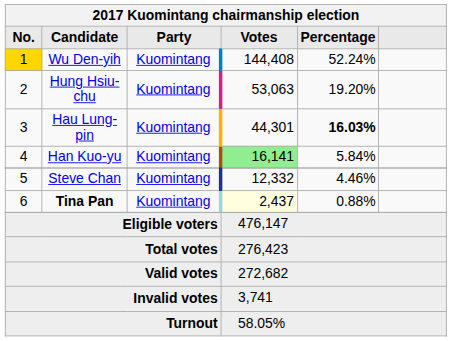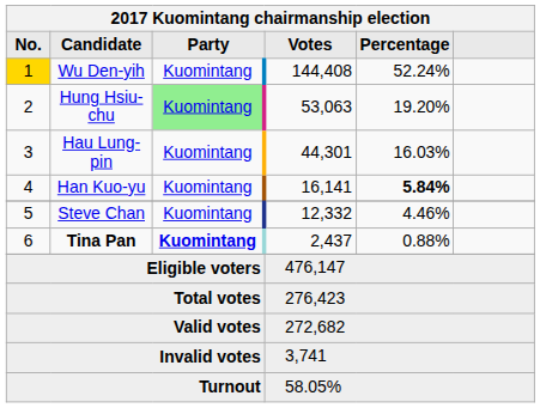 <table class="wikitable sortable" style="margin:auto; text-align:center">
 <tr>
 <th colspan="7" width=500px>2017 Kuomintang chairmanship election</th>
 </tr>
 <tr>
 <th style="background-color:#E9E9E9;text-align:center;" width="35">No.</th>
 <th style="background-color:#E9E9E9;text-align:center;" width="90">Candidate</th>
 <th style="background-color:#E9E9E9;text-align:center;" width="100">Party</th>
 <th style="background-color:#E9E9E9;text-align:center;" width="80">Votes</th>
 <th style="background-color:#E9E9E9;text-align:center;" width="70">Percentage</th>
 <th style="background-color:#E9E9E9;text-align:center;" width="70"></th>
 </tr>
 <tr>
 <td style="background: gold;">1</td>
 <td style="text-align:center;"><a href='#'>Wu Den-yih</a></td>
 <td><a href='#'>Kuomintang</a></td>
 <td style="border-left:4px solid #0080C0;" align="right">144,408</td>
 <td align="right">52.24%</td>
 <td align="center"></td>
 </tr>
 <tr>
 <td>2</td>
 <td style="text-align:center;"><a href='#'>Hung Hsiu-chu</a></td>
-<td><a href='#'>Kuomintang</a></td>
+<td style="background: lightgreen;"><a href='#'>Kuomintang</a></td>
 <td style="border-left:4px solid #D42187;" align="right">53,063</td>
 <td align="right">19.20%</td>
 <td align="center"></td>
 </tr>
 <tr>
 <td>3</td>
 <td style="text-align:center;"><a href='#'>Hau Lung-pin</a></td>
 <td><a href='#'>Kuomintang</a></td>
 <td style="border-left:4px solid #FEB008;" align="right">44,301</td>
-<td align="right"><strong>16.03%</strong></td>
+<td align="right">16.03%</td>
 <td align="center"></td>
 </tr>
 <tr>
 <td>4</td>
 <td style="text-align:center;"><a href='#'>Han Kuo-yu</a></td>
 <td><a href='#'>Kuomintang</a></td>
-<td style="background: lightgreen; border-left:4px solid #A25306;" align="right">16,141</td>
-<td align="right">5.84%</td>
+<td style="border-left:4px solid #A25306;" align="right">16,141</td>
+<td align="right"><strong>5.84%</strong></td>
 <td align="center"></td>
 </tr>
 <tr>
 </tr>
 <tr>
 <td>5</td>
 <td style="text-align:center;"><a href='#'>Steve Chan</a></td>
 <td><a href='#'>Kuomintang</a></td>
 <td style="border-left:4px solid #1F338C;" align="right">12,332</td>
 <td align="right">4.46%</td>
 <td align="center"></td>
 </tr>
 <tr>
 <td>6</td>
 <td style="text-align:center;"><strong>Tina Pan</strong></td>
-<td><a href='#'>Kuomintang</a></td>
-<td style="background: lightyellow; border-left:4px solid #99D8D8;" align="right">2,437</td>
+<td><strong><a href='#'>Kuomintang</a></strong></td>
+<td style="border-left:4px solid #99D8D8;" align="right">2,437</td>
 <td align="right">0.88%</td>
 <td align="center"></td>
 </tr>
 <tr>
 </tr>
 <tr bgcolor=EEEEEE class="sortbottom">
 <td colspan="3" style="text-align: right"><strong>Eligible voters</strong></td>
 <td colspan="3" align="left">　476,147</td>
 </tr>
 <tr bgcolor=EEEEEE class="sortbottom">
 <td colspan="3" style="text-align: right"><strong>Total votes</strong></td>
 <td colspan="3" align="left">　276,423</td>
 </tr>
 <tr bgcolor=EEEEEE class="sortbottom">
 <td colspan="3" style="text-align: right"><strong>Valid votes</strong></td>
 <td colspan="3" align="left">　272,682</td>
 </tr>
 <tr bgcolor=EEEEEE class="sortbottom">
 <td colspan="3" style="text-align: right"><strong>Invalid votes</strong></td>
 <td colspan="3" align="left">　3,741</td>
 </tr>
 <tr bgcolor=EEEEEE class="sortbottom">
 <td colspan="3" style="text-align: right"><strong>Turnout</strong></td>
 <td colspan="3" align="left">　58.05%</td>
 </tr>
 </table>
